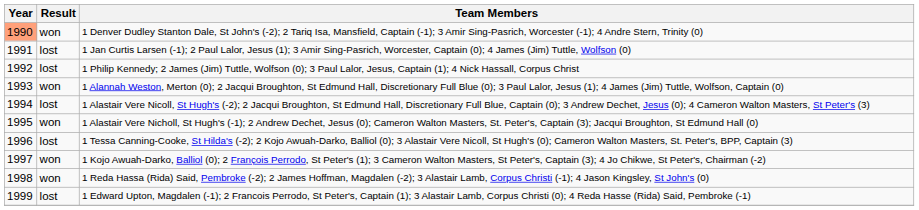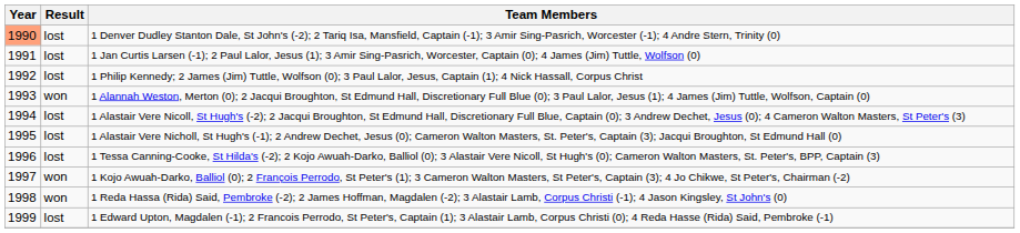 <table class="wikitable" width="100%">
 <tr>
 <th>Year</th>
 <th>Result</th>
 <th>Team Members</th>
 </tr>
 <tr>
 <td style="background: lightsalmon;">1990</td>
-<td>won</td>
+<td>lost</td>
 <td style="font-size:85%">1 Denver Dudley Stanton Dale, St John's (-2); 2 Tariq Isa, Mansfield, Captain (-1); 3 Amir Sing-Pasrich, Worcester (-1); 4 Andre Stern, Trinity (0)</td>
 </tr>
 <tr>
 <td>1991</td>
 <td>lost</td>
 <td style="font-size:85%">1 Jan Curtis Larsen (-1); 2 Paul Lalor, Jesus (1); 3 Amir Sing-Pasrich, Worcester, Captain (0); 4 James (Jim) Tuttle, <a href='#'>Wolfson</a> (0)</td>
 </tr>
 <tr>
 <td>1992</td>
 <td>lost</td>
 <td style="font-size:85%">1 Philip Kennedy; 2 James (Jim) Tuttle, Wolfson (0); 3 Paul Lalor, Jesus, Captain (1); 4 Nick Hassall, Corpus Christ</td>
 </tr>
 <tr>
 <td>1993</td>
 <td>won</td>
 <td style="font-size:85%">1 <a href='#'>Alannah Weston</a>, Merton (0); 2 Jacqui Broughton, St Edmund Hall, Discretionary Full Blue (0); 3 Paul Lalor, Jesus (1); 4 James (Jim) Tuttle, Wolfson, Captain (0)</td>
 </tr>
 <tr>
 <td>1994</td>
 <td>lost</td>
 <td style="font-size:85%">1 Alastair Vere Nicoll, <a href='#'>St Hugh's</a> (-2); 2 Jacqui Broughton, St Edmund Hall, Discretionary Full Blue, Captain (0); 3 Andrew Dechet, <a href='#'>Jesus</a> (0); 4 Cameron Walton Masters, <a href='#'>St Peter's</a> (3)</td>
 </tr>
 <tr>
 <td>1995</td>
-<td>won</td>
+<td>lost</td>
 <td style="font-size:85%">1 Alastair Vere Nicholl, St Hugh's (-1); 2 Andrew Dechet, Jesus (0); Cameron Walton Masters, St. Peter's, Captain (3); Jacqui Broughton, St Edmund Hall (0)</td>
 </tr>
 <tr>
 <td>1996</td>
 <td>lost</td>
 <td style="font-size:85%">1 Tessa Canning-Cooke, <a href='#'>St Hilda's</a> (-2); 2 Kojo Awuah-Darko, Balliol (0); 3 Alastair Vere Nicoll, St Hugh's (0); Cameron Walton Masters, St. Peter's, BPP, Captain (3)</td>
 </tr>
 <tr>
 <td>1997</td>
 <td>won</td>
 <td style="font-size:85%">1 Kojo Awuah-Darko, <a href='#'>Balliol</a> (0); 2 <a href='#'>François Perrodo</a>, St Peter's (1); 3 Cameron Walton Masters, St Peter's, Captain (3); 4 Jo Chikwe, St Peter's, Chairman (-2)</td>
 </tr>
 <tr>
 <td>1998</td>
 <td>won</td>
 <td style="font-size:85%">1 Reda Hassa (Rida) Said, <a href='#'>Pembroke</a> (-2); 2 James Hoffman, Magdalen (-2); 3 Alastair Lamb, <a href='#'>Corpus Christi</a> (-1); 4 Jason Kingsley, <a href='#'>St John's</a> (0)</td>
 </tr>
 <tr>
 <td>1999</td>
 <td>lost</td>
 <td style="font-size:85%">1 Edward Upton, Magdalen (-1); 2 Francois Perrodo, St Peter's, Captain (1); 3 Alastair Lamb, Corpus Christi (0); 4 Reda Hasse (Rida) Said, Pembroke (-1)</td>
 </tr>
 <tr>
 </tr>
 </table>
